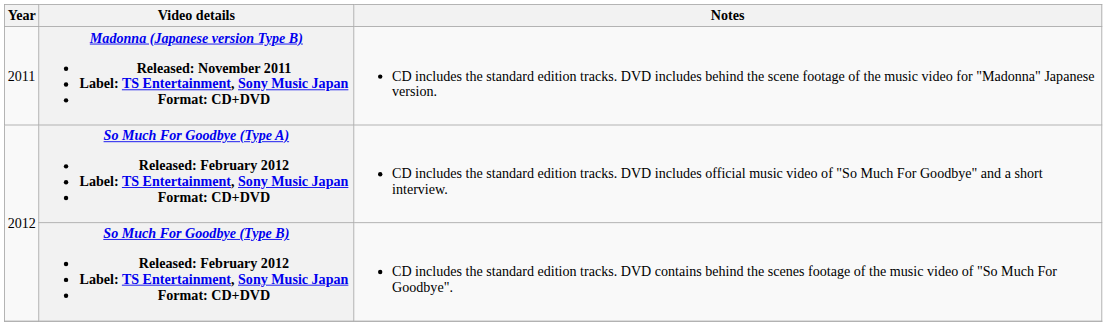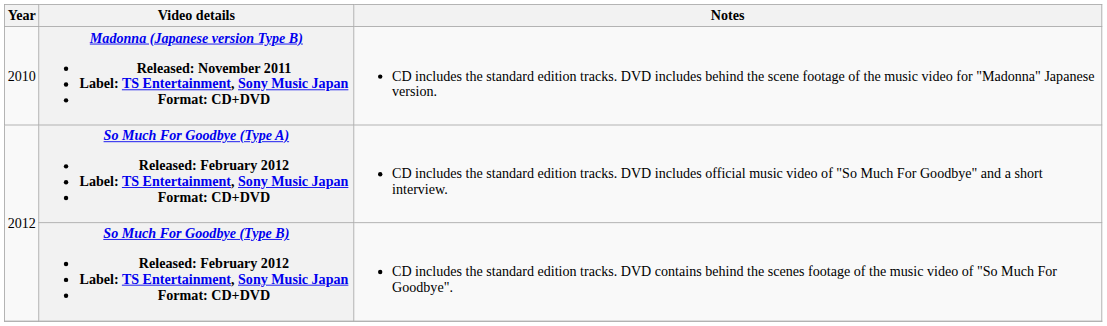 <table class="wikitable plainrowheaders">
 <tr>
 <th scope="col" align="center">Year</th>
 <th scope="col" align="center" width="350">Video details</th>
 <th scope="col">Notes</th>
 </tr>
 <tr>
-<td>2011</td>
+<td>2010</td>
 <th scope="row"><em><a href='#'>Madonna (Japanese version Type B)</a></em><br><ul><li>Released: November 2011</li><li>Label: <a href='#'>TS Entertainment</a>, <a href='#'>Sony Music Japan</a></li><li>Format: CD+DVD</li></ul></th>
 <td><br><ul><li>CD includes the standard edition tracks. DVD includes behind the scene footage of the music video for "Madonna" Japanese version.</li></ul></td>
 </tr>
 <tr>
 <td rowspan="2">2012</td>
 <th scope="row"><em><a href='#'>So Much For Goodbye (Type A)</a></em><br><ul><li>Released: February 2012</li><li>Label: <a href='#'>TS Entertainment</a>, <a href='#'>Sony Music Japan</a></li><li>Format: CD+DVD</li></ul></th>
 <td><br><ul><li>CD includes the standard edition tracks. DVD includes official music video of "So Much For Goodbye" and a short interview.</li></ul></td>
 </tr>
 <tr>
 <th scope="row"><em><a href='#'>So Much For Goodbye (Type B)</a></em><br><ul><li>Released: February 2012</li><li>Label: <a href='#'>TS Entertainment</a>, <a href='#'>Sony Music Japan</a></li><li>Format: CD+DVD</li></ul></th>
 <td><br><ul><li>CD includes the standard edition tracks. DVD contains behind the scenes footage of the music video of "So Much For Goodbye".</li></ul></td>
 </tr>
 <tr>
 </tr>
 </table>
